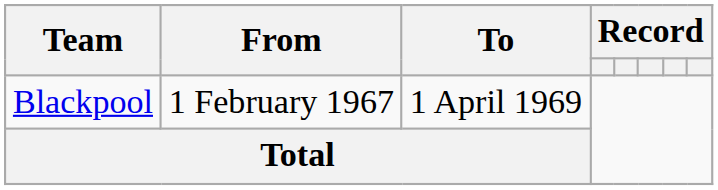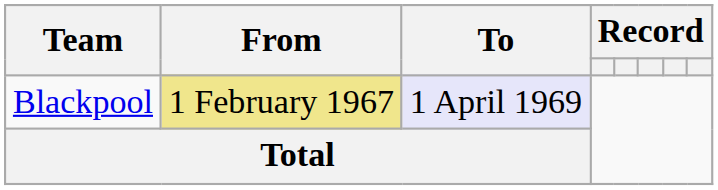 <table class="wikitable" style="text-align: center">
 <tr>
 <th rowspan=2>Team</th>
 <th rowspan=2>From</th>
 <th rowspan=2>To</th>
 <th colspan=5>Record</th>
 </tr>
 <tr>
 <th></th>
 <th></th>
 <th></th>
 <th></th>
 <th></th>
 </tr>
 <tr>
 <td align=left><a href='#'>Blackpool</a></td>
-<td align=left>1 February 1967</td>
-<td align=left>1 April 1969<br></td>
+<td align=left style="background: khaki;">1 February 1967</td>
+<td align=left style="background: lavender;">1 April 1969<br></td>
 </tr>
 <tr>
 <th colspan=3>Total<br></th>
 </tr>
 </table>
